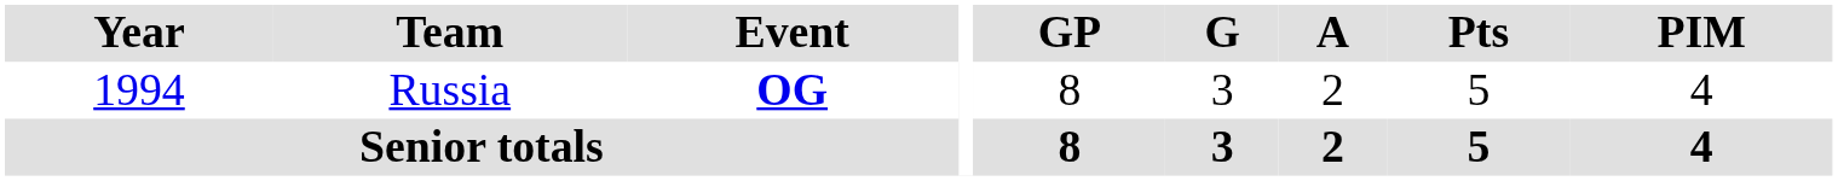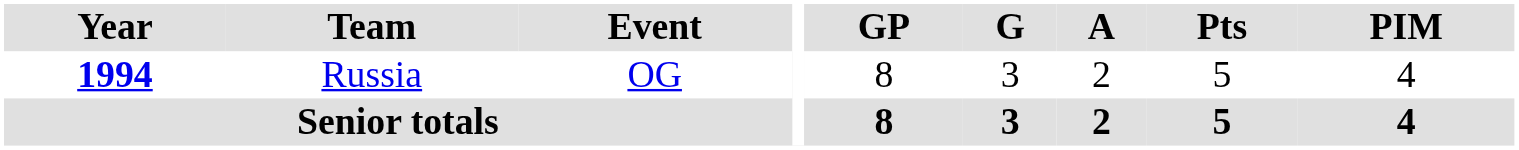 <table border="0" cellpadding="1" cellspacing="0" ID="Table3" style="text-align:center; width:40em">
 <tr ALIGN="center" bgcolor="#e0e0e0">
 <th>Year</th>
 <th>Team</th>
 <th>Event</th>
 <th rowspan="99" bgcolor="#ffffff"></th>
 <th>GP</th>
 <th>G</th>
 <th>A</th>
 <th>Pts</th>
 <th>PIM</th>
 </tr>
 <tr>
-<td><a href='#'>1994</a></td>
+<td><strong><a href='#'>1994</a></strong></td>
 <td><a href='#'>Russia</a></td>
-<td><strong><a href='#'>OG</a></strong></td>
+<td><a href='#'>OG</a></td>
 <td>8</td>
 <td>3</td>
 <td>2</td>
 <td>5</td>
 <td>4</td>
 </tr>
 <tr bgcolor="#e0e0e0">
 <th colspan="3">Senior totals</th>
 <th>8</th>
 <th>3</th>
 <th>2</th>
 <th>5</th>
 <th>4</th>
 </tr>
 </table>
